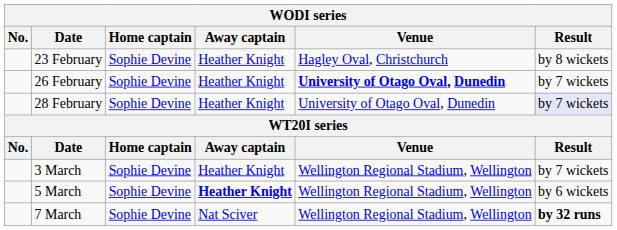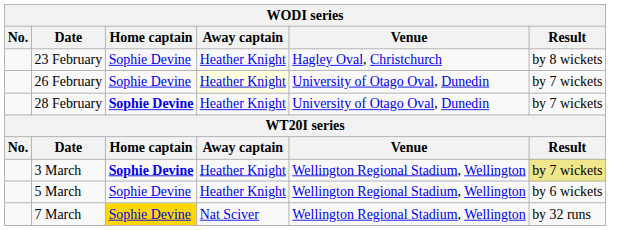 <table class="wikitable">
 <tr>
 <th colspan="9">WODI series</th>
 </tr>
 <tr>
 <th>No.</th>
 <th>Date</th>
 <th>Home captain</th>
 <th>Away captain</th>
 <th>Venue</th>
 <th>Result</th>
 </tr>
 <tr>
 <td></td>
 <td>23 February</td>
 <td><a href='#'>Sophie Devine</a></td>
 <td><a href='#'>Heather Knight</a></td>
 <td><a href='#'>Hagley Oval</a>, <a href='#'>Christchurch</a></td>
 <td> by 8 wickets</td>
 </tr>
 <tr>
 <td></td>
 <td>26 February</td>
 <td><a href='#'>Sophie Devine</a></td>
-<td><a href='#'>Heather Knight</a></td>
-<td><strong><a href='#'>University of Otago Oval</a>, <a href='#'>Dunedin</a></strong></td>
+<td style="background: lightyellow;"><a href='#'>Heather Knight</a></td>
+<td><a href='#'>University of Otago Oval</a>, <a href='#'>Dunedin</a></td>
 <td> by 7 wickets</td>
 </tr>
 <tr>
 <td></td>
 <td>28 February</td>
-<td><a href='#'>Sophie Devine</a></td>
+<td><strong><a href='#'>Sophie Devine</a></strong></td>
 <td><a href='#'>Heather Knight</a></td>
 <td><a href='#'>University of Otago Oval</a>, <a href='#'>Dunedin</a></td>
-<td style="background: lavender;"> by 7 wickets</td>
+<td> by 7 wickets</td>
 </tr>
 <tr>
 <th colspan="9">WT20I series</th>
 </tr>
 <tr>
 <th>No.</th>
 <th>Date</th>
 <th>Home captain</th>
 <th>Away captain</th>
 <th>Venue</th>
 <th>Result</th>
 </tr>
 <tr>
 <td></td>
 <td>3 March</td>
-<td><a href='#'>Sophie Devine</a></td>
+<td><strong><a href='#'>Sophie Devine</a></strong></td>
 <td><a href='#'>Heather Knight</a></td>
 <td><a href='#'>Wellington Regional Stadium</a>, <a href='#'>Wellington</a></td>
-<td> by 7 wickets</td>
+<td style="background: khaki;"> by 7 wickets</td>
 </tr>
 <tr>
 <td></td>
 <td>5 March</td>
 <td><a href='#'>Sophie Devine</a></td>
-<td><strong><a href='#'>Heather Knight</a></strong></td>
+<td><a href='#'>Heather Knight</a></td>
 <td><a href='#'>Wellington Regional Stadium</a>, <a href='#'>Wellington</a></td>
 <td> by 6 wickets</td>
 </tr>
 <tr>
 <td></td>
 <td>7 March</td>
-<td><a href='#'>Sophie Devine</a></td>
+<td style="background: gold;"><a href='#'>Sophie Devine</a></td>
 <td><a href='#'>Nat Sciver</a></td>
 <td><a href='#'>Wellington Regional Stadium</a>, <a href='#'>Wellington</a></td>
-<td><strong> by 32 runs</strong></td>
+<td> by 32 runs</td>
 </tr>
 </table>
